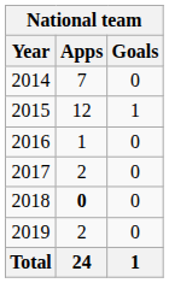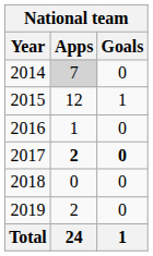 <table class="wikitable" style="text-align:center">
 <tr>
 <th colspan=3>National team</th>
 </tr>
 <tr>
 <th>Year</th>
 <th>Apps</th>
 <th>Goals</th>
 </tr>
 <tr>
 <td>2014</td>
-<td>7</td>
+<td style="background: lightgrey;">7</td>
 <td>0</td>
 </tr>
 <tr>
 <td>2015</td>
 <td>12</td>
 <td>1</td>
 </tr>
 <tr>
 <td>2016</td>
 <td>1</td>
 <td>0</td>
 </tr>
 <tr>
 <td>2017</td>
-<td>2</td>
-<td>0</td>
+<td><strong>2</strong></td>
+<td><strong>0</strong></td>
 </tr>
 <tr>
 <td>2018</td>
-<td><strong>0</strong></td>
+<td>0</td>
 <td>0</td>
 </tr>
 <tr>
 <td>2019</td>
 <td>2</td>
 <td>0</td>
 </tr>
 <tr>
 <th>Total</th>
 <th>24</th>
 <th>1</th>
 </tr>
 </table>
